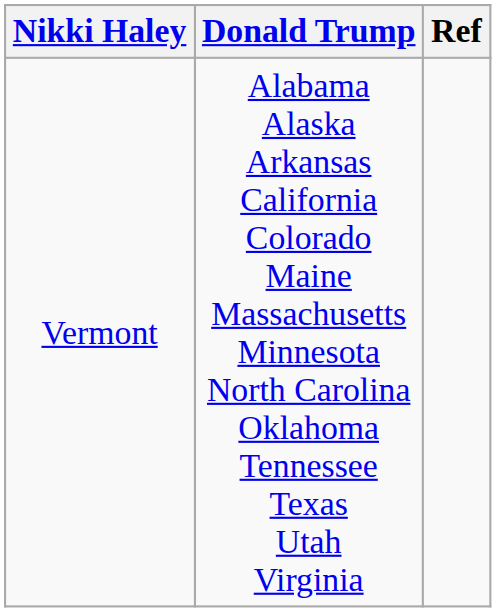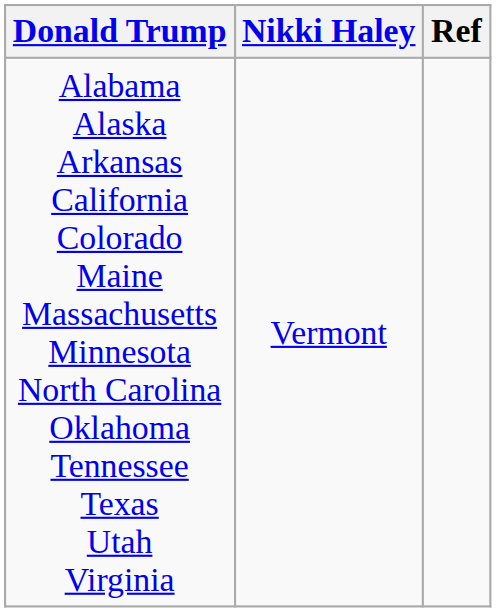 <table class="wikitable sortable" style="text-align:center;">
 <tr>
+<th><a href='#'>Donald Trump</a></th>
 <th><a href='#'>Nikki Haley</a></th>
-<th><a href='#'>Donald Trump</a></th>
 <th>Ref</th>
 </tr>
 <tr>
+<td><a href='#'>Alabama</a><br><a href='#'>Alaska</a><br><a href='#'>Arkansas</a><br><a href='#'>California</a><br><a href='#'>Colorado</a><br><a href='#'>Maine</a><br><a href='#'>Massachusetts</a><br><a href='#'>Minnesota</a><br><a href='#'>North Carolina</a><br><a href='#'>Oklahoma</a><br><a href='#'>Tennessee</a><br><a href='#'>Texas</a><br><a href='#'>Utah</a><br><a href='#'>Virginia</a></td>
 <td><a href='#'>Vermont</a></td>
-<td><a href='#'>Alabama</a><br><a href='#'>Alaska</a><br><a href='#'>Arkansas</a><br><a href='#'>California</a><br><a href='#'>Colorado</a><br><a href='#'>Maine</a><br><a href='#'>Massachusetts</a><br><a href='#'>Minnesota</a><br><a href='#'>North Carolina</a><br><a href='#'>Oklahoma</a><br><a href='#'>Tennessee</a><br><a href='#'>Texas</a><br><a href='#'>Utah</a><br><a href='#'>Virginia</a></td>
 <td></td>
 </tr>
 </table>
